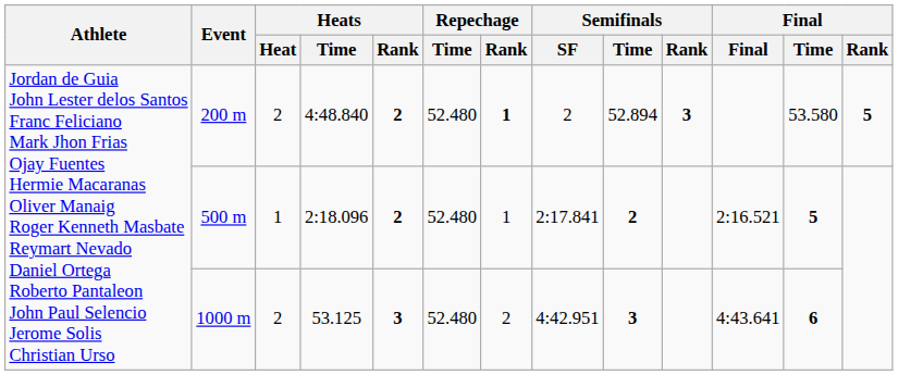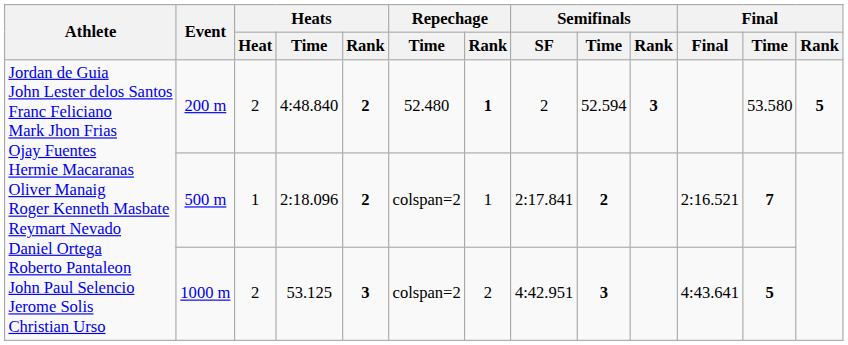 <table class="wikitable" style="text-align:center; font-size:90%">
 <tr>
 <th rowspan="2">Athlete</th>
 <th rowspan="2">Event</th>
 <th colspan="3">Heats</th>
 <th colspan="2">Repechage</th>
 <th colspan="3">Semifinals</th>
 <th colspan="3">Final</th>
 </tr>
 <tr>
 <th>Heat</th>
 <th>Time</th>
 <th>Rank</th>
 <th>Time</th>
 <th>Rank</th>
 <th>SF</th>
 <th>Time</th>
 <th>Rank</th>
 <th>Final</th>
 <th>Time</th>
 <th>Rank</th>
 </tr>
 <tr>
 <td rowspan=3 align="left"><a href='#'>Jordan de Guia</a><br><a href='#'>John Lester delos Santos</a><br><a href='#'>Franc Feliciano</a><br><a href='#'>Mark Jhon Frias</a><br><a href='#'>Ojay Fuentes</a><br><a href='#'>Hermie Macaranas</a><br><a href='#'>Oliver Manaig</a><br><a href='#'>Roger Kenneth Masbate</a><br><a href='#'>Reymart Nevado</a><br><a href='#'>Daniel Ortega</a><br><a href='#'>Roberto Pantaleon</a><br><a href='#'>John Paul Selencio</a><br><a href='#'>Jerome Solis</a><br><a href='#'>Christian Urso</a></td>
 <td><a href='#'>200 m</a></td>
 <td>2</td>
 <td>4:48.840</td>
 <td><strong>2</strong></td>
 <td>52.480</td>
 <td><strong>1 </strong></td>
 <td>2</td>
-<td>52.894</td>
+<td>52.594</td>
 <td><strong>3 </strong></td>
 <td></td>
 <td>53.580</td>
 <td><strong>5</strong></td>
 </tr>
 <tr>
 <td><a href='#'>500 m</a></td>
 <td>1</td>
 <td>2:18.096</td>
 <td><strong>2 </strong></td>
-<td>52.480</td>
+<td>colspan=2 </td>
 <td>1</td>
 <td>2:17.841</td>
 <td><strong>2 </strong></td>
 <td></td>
 <td>2:16.521</td>
-<td><strong>5</strong></td>
+<td><strong>7</strong></td>
 </tr>
 <tr>
 <td><a href='#'>1000 m</a></td>
 <td>2</td>
 <td>53.125</td>
 <td><strong>3 </strong></td>
-<td>52.480</td>
+<td>colspan=2 </td>
 <td>2</td>
 <td>4:42.951</td>
 <td><strong>3 </strong></td>
 <td></td>
 <td>4:43.641</td>
-<td><strong>6</strong></td>
+<td><strong>5</strong></td>
 </tr>
 </table>
